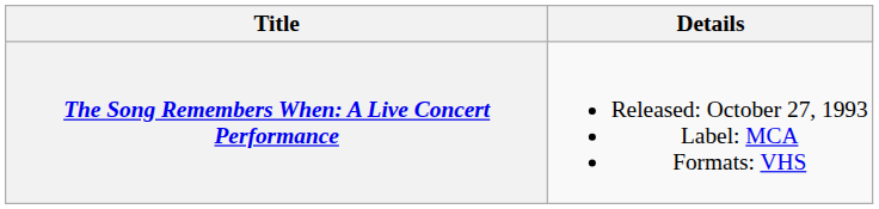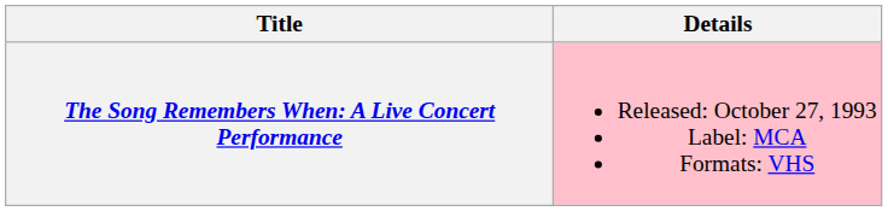 <table class="wikitable plainrowheaders" style="text-align:center">
 <tr>
 <th scope="col" style="width:23em;">Title</th>
 <th scope="col">Details</th>
 </tr>
 <tr>
 <th scope="row"><em><a href='#'>The Song Remembers When: A Live Concert<br>Performance</a></em></th>
-<td><br><ul><li>Released: October 27, 1993</li><li>Label: <a href='#'>MCA</a></li><li>Formats: <a href='#'>VHS</a></li></ul></td>
+<td style="background: pink;"><br><ul><li>Released: October 27, 1993</li><li>Label: <a href='#'>MCA</a></li><li>Formats: <a href='#'>VHS</a></li></ul></td>
 </tr>
 </table>
